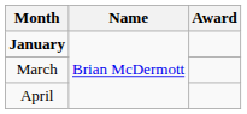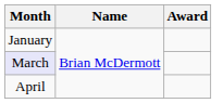 <table class="wikitable" style="text-align:center; border:1px #aaa solid; font-size:95%;">
 <tr>
 <th>Month</th>
 <th>Name</th>
 <th>Award</th>
 </tr>
 <tr>
-<td><strong>January</strong></td>
+<td>January</td>
 <td rowspan=3><a href='#'>Brian McDermott</a></td>
 <td></td>
 </tr>
 <tr>
-<td>March</td>
+<td style="background: lavender;">March</td>
 <td></td>
 </tr>
 <tr>
 <td>April</td>
 <td></td>
 </tr>
 </table>
